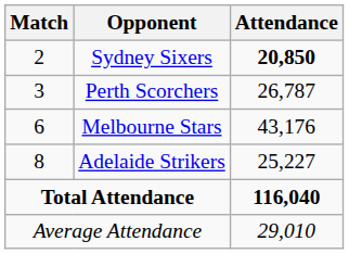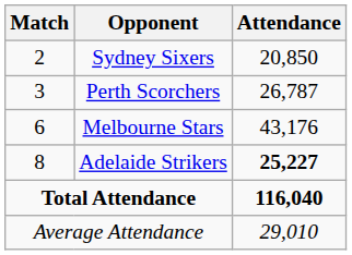 <table class="wikitable" style="text-align:center; font-size:90%">
 <tr>
 <th>Match</th>
 <th>Opponent</th>
 <th>Attendance</th>
 </tr>
 <tr>
 <td>2</td>
 <td><a href='#'>Sydney Sixers</a></td>
-<td><strong>20,850</strong></td>
+<td>20,850</td>
 </tr>
 <tr>
 <td>3</td>
 <td><a href='#'>Perth Scorchers</a></td>
 <td>26,787</td>
 </tr>
 <tr>
 <td>6</td>
 <td><a href='#'>Melbourne Stars</a></td>
 <td>43,176</td>
 </tr>
 <tr>
 <td>8</td>
 <td><a href='#'>Adelaide Strikers</a></td>
-<td>25,227</td>
+<td><strong>25,227</strong></td>
 </tr>
 <tr class="sortbottom">
 <td colspan="2"><strong>Total Attendance</strong></td>
 <td><strong>116,040</strong></td>
 </tr>
 <tr class="sortbottom">
 <td colspan="2"><em>Average Attendance</em></td>
 <td><em>29,010</em></td>
 </tr>
 </table>
